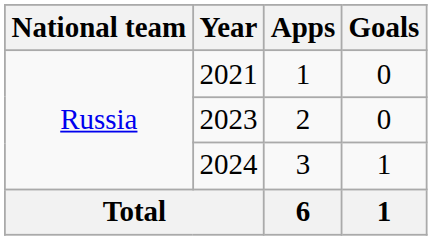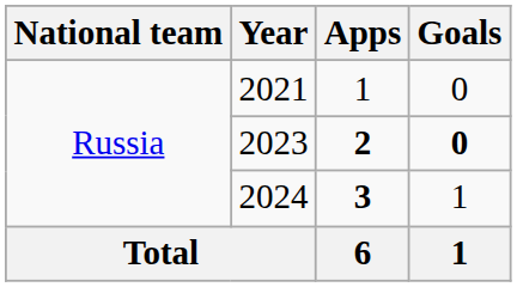 <table class=wikitable style=text-align:center>
 <tr>
 <th>National team</th>
 <th>Year</th>
 <th>Apps</th>
 <th>Goals</th>
 </tr>
 <tr>
 <td rowspan="3"><a href='#'>Russia</a></td>
 <td>2021</td>
 <td>1</td>
 <td>0</td>
 </tr>
 <tr>
 <td>2023</td>
-<td>2</td>
-<td>0</td>
+<td><strong>2</strong></td>
+<td><strong>0</strong></td>
 </tr>
 <tr>
 <td>2024</td>
-<td>3</td>
+<td><strong>3</strong></td>
 <td>1</td>
 </tr>
 <tr>
 <th colspan=2>Total</th>
 <th>6</th>
 <th>1</th>
 </tr>
 </table>
